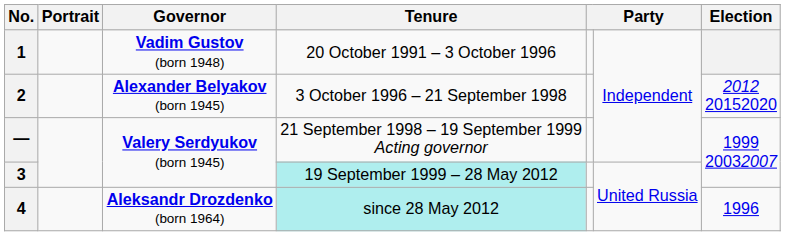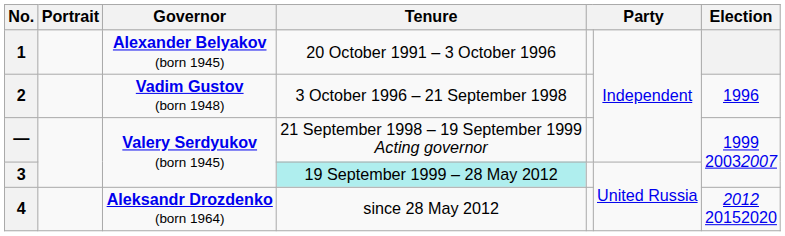 <table class="wikitable" style="text-align:center">
 <tr style="background:#cccccc" bgcolor=#E6E6AA>
 <th>No.</th>
 <th>Portrait</th>
 <th>Governor</th>
 <th>Tenure</th>
 <th colspan="2">Party</th>
 <th>Election</th>
 </tr>
 <tr>
 <th>1</th>
 <td></td>
-<td><strong><a href='#'>Vadim Gustov</a></strong><br><small>(born 1948)</small></td>
+<td><strong><a href='#'>Alexander Belyakov</a></strong><br><small>(born 1945)</small></td>
 <td>20 October 1991 – 3 October 1996</td>
 <td style="background: "></td>
 <td rowspan=3><a href='#'>Independent</a></td>
 <th></th>
 </tr>
 <tr>
 <th>2</th>
 <td></td>
-<td><strong><a href='#'>Alexander Belyakov</a></strong><br><small>(born 1945)</small></td>
+<td><strong><a href='#'>Vadim Gustov</a></strong><br><small>(born 1948)</small></td>
 <td>3 October 1996 – 21 September 1998</td>
 <td style="background: "></td>
-<td><em><a href='#'>2012</a></em><br><a href='#'>2015</a><a href='#'>2020</a></td>
+<td><a href='#'>1996</a></td>
 </tr>
 <tr>
 <th>—</th>
 <td rowspan=2></td>
 <td rowspan=2><strong><a href='#'>Valery Serdyukov</a></strong><br><small>(born 1945)</small></td>
 <td>21 September 1998 – 19 September 1999<br><em>Acting governor</em></td>
 <td style="background: "></td>
 <td rowspan=2><a href='#'>1999</a><br><a href='#'>2003</a><em><a href='#'>2007</a></em></td>
 </tr>
 <tr>
 <th>3</th>
 <td style="background: paleturquoise;">19 September 1999 – 28 May 2012</td>
 <td style="background: "></td>
 <td rowspan=4><a href='#'>United Russia</a></td>
 </tr>
 <tr>
 <th rowspan=3>4</th>
 <td rowspan=3></td>
 <td rowspan=3><strong><a href='#'>Aleksandr Drozdenko</a></strong><br><small>(born 1964)</small></td>
-<td style="background: paleturquoise;">since 28 May 2012</td>
+<td>since 28 May 2012</td>
 <td rowspan=3; style="background: "></td>
-<td><a href='#'>1996</a></td>
+<td><em><a href='#'>2012</a></em><br><a href='#'>2015</a><a href='#'>2020</a></td>
 </tr>
 </table>
